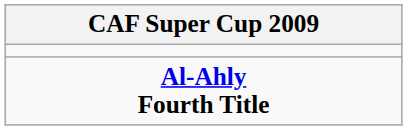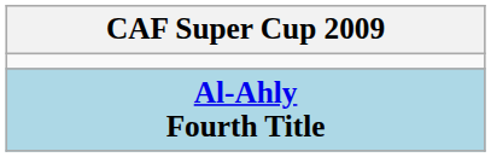 <table class="wikitable" style="margin: 0 auto; width: 20%;">
 <tr>
 <th>CAF Super Cup 2009</th>
 </tr>
 <tr>
 <td align=center></td>
 </tr>
 <tr>
-<td align=center><strong><a href='#'>Al-Ahly</a></strong><br><strong>Fourth Title</strong> <br></td>
+<td align=center style="background: lightblue;"><strong><a href='#'>Al-Ahly</a></strong><br><strong>Fourth Title</strong> <br></td>
 </tr>
 </table>
